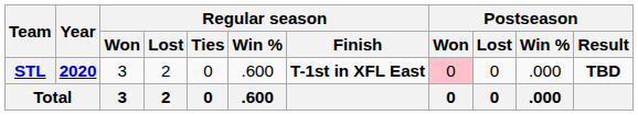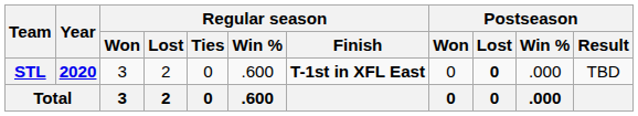 <table class="wikitable" style="font-size: 95%; text-align:center;">
 <tr>
 <th rowspan="2">Team</th>
 <th rowspan="2">Year</th>
 <th colspan="5">Regular season</th>
 <th colspan="4">Postseason</th>
 </tr>
 <tr>
 <th>Won</th>
 <th>Lost</th>
 <th>Ties</th>
 <th>Win %</th>
 <th>Finish</th>
 <th>Won</th>
 <th>Lost</th>
 <th>Win %</th>
 <th>Result</th>
 </tr>
 <tr>
 <th><a href='#'>STL</a></th>
 <th><a href='#'>2020</a></th>
 <td>3</td>
 <td>2</td>
 <td>0</td>
 <td>.600</td>
 <td><strong>T-1st in XFL East</strong></td>
-<td style="background: pink;">0</td>
 <td>0</td>
+<td><strong>0</strong></td>
 <td>.000</td>
-<td><strong>TBD</strong></td>
+<td>TBD</td>
 </tr>
 <tr>
 <th colspan="2">Total</th>
 <th>3</th>
 <th>2</th>
 <th>0</th>
 <th>.600</th>
 <th></th>
 <th>0</th>
 <th>0</th>
 <th>.000</th>
 <th></th>
 </tr>
 </table>
